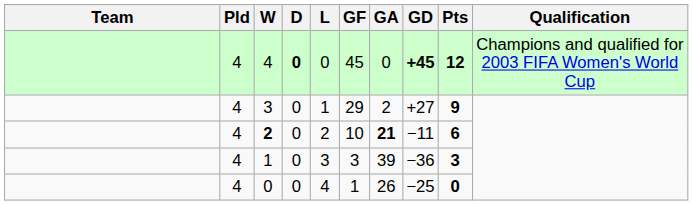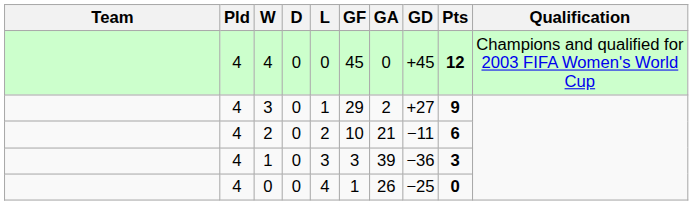 <table class="wikitable" style="text-align: center;">
 <tr>
 <th width=200>Team</th>
 <th width=20 abbr="Played">Pld</th>
 <th width=20 abbr="Won">W</th>
 <th width=20 abbr="Drawn">D</th>
 <th width=20 abbr="Lost">L</th>
 <th width=20 abbr="Goals for">GF</th>
 <th width=20 abbr="Goals against">GA</th>
 <th width=20 abbr="Goal difference">GD</th>
 <th width=20 abbr="Points">Pts</th>
 <th width=200>Qualification</th>
 </tr>
 <tr style="background:#ccffcc;">
 <td style="text-align:left;"></td>
 <td>4</td>
 <td>4</td>
-<td><strong>0</strong></td>
+<td>0</td>
 <td>0</td>
 <td>45</td>
 <td>0</td>
-<td><strong>+45</strong></td>
+<td>+45</td>
 <td><strong>12</strong></td>
 <td>Champions and qualified for <a href='#'>2003 FIFA Women's World Cup</a></td>
 </tr>
 <tr align=center>
 <td style="text-align:left;"></td>
 <td>4</td>
 <td>3</td>
 <td>0</td>
 <td>1</td>
 <td>29</td>
 <td>2</td>
 <td>+27</td>
 <td><strong>9</strong></td>
 <td rowspan="4"></td>
 </tr>
 <tr align=center>
 <td style="text-align:left;"></td>
 <td>4</td>
-<td><strong>2</strong></td>
+<td>2</td>
 <td>0</td>
 <td>2</td>
 <td>10</td>
-<td><strong>21</strong></td>
+<td>21</td>
 <td>−11</td>
 <td><strong>6</strong></td>
 </tr>
 <tr align=center>
 <td style="text-align:left;"></td>
 <td>4</td>
 <td>1</td>
 <td>0</td>
 <td>3</td>
 <td>3</td>
 <td>39</td>
 <td>−36</td>
 <td><strong>3</strong></td>
 </tr>
 <tr align=center>
 <td style="text-align:left;"></td>
 <td>4</td>
 <td>0</td>
 <td>0</td>
 <td>4</td>
 <td>1</td>
 <td>26</td>
 <td>−25</td>
 <td><strong>0</strong></td>
 </tr>
 </table>
